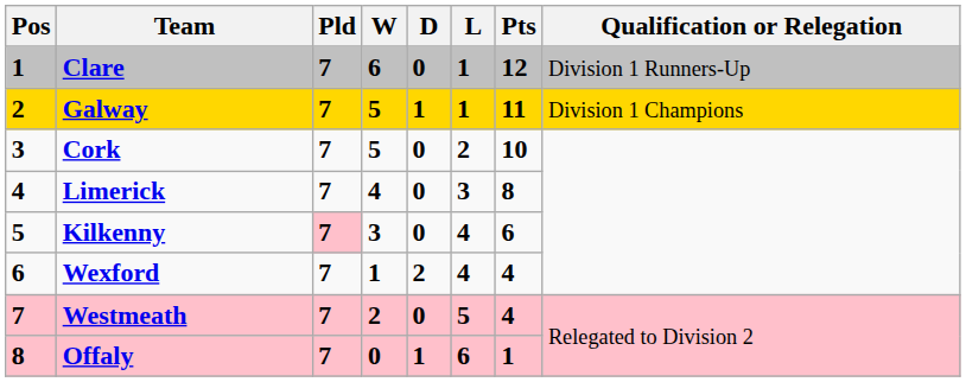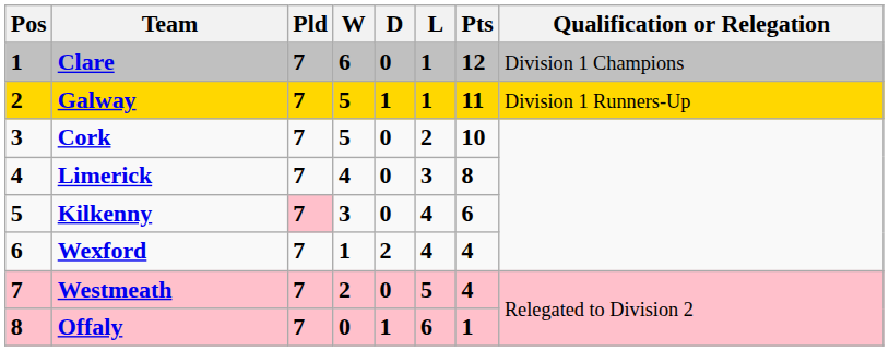 <table class="wikitable" style="text-align: centre;">
 <tr>
 <th width=20>Pos</th>
 <th width=150>Team</th>
 <th width=20>Pld</th>
 <th width=20>W</th>
 <th width=20>D</th>
 <th width=20>L</th>
 <th width=20>Pts</th>
 <th width=250>Qualification or Relegation</th>
 </tr>
 <tr style="background:silver;">
 <td><strong>1</strong></td>
 <td align=left><strong> <a href='#'>Clare</a> </strong></td>
 <td><strong>7</strong></td>
 <td><strong>6</strong></td>
 <td><strong>0</strong></td>
 <td><strong>1</strong></td>
 <td><strong>12</strong></td>
-<td><small> Division 1 Runners-Up</small></td>
+<td><small> Division 1 Champions</small></td>
 </tr>
 <tr style="background:gold;">
 <td><strong>2</strong></td>
 <td align=left><strong> <a href='#'>Galway</a></strong></td>
 <td><strong>7</strong></td>
 <td><strong>5</strong></td>
 <td><strong>1</strong></td>
 <td><strong>1</strong></td>
 <td><strong>11</strong></td>
-<td><small> Division 1 Champions</small></td>
+<td><small> Division 1 Runners-Up</small></td>
 </tr>
 <tr style>
 <td><strong>3</strong></td>
 <td align=left><strong> <a href='#'>Cork</a> </strong></td>
 <td><strong>7</strong></td>
 <td><strong>5</strong></td>
 <td><strong>0</strong></td>
 <td><strong>2</strong></td>
 <td><strong>10</strong></td>
 </tr>
 <tr style>
 <td><strong>4</strong></td>
 <td align=left><strong> <a href='#'>Limerick</a> </strong></td>
 <td><strong>7</strong></td>
 <td><strong>4</strong></td>
 <td><strong>0</strong></td>
 <td><strong>3</strong></td>
 <td><strong>8</strong></td>
 </tr>
 <tr style>
 <td><strong>5</strong></td>
 <td align=left><strong> <a href='#'>Kilkenny</a> </strong></td>
 <td style="background: pink;"><strong>7</strong></td>
 <td><strong>3</strong></td>
 <td><strong>0</strong></td>
 <td><strong>4</strong></td>
 <td><strong>6</strong></td>
 </tr>
 <tr>
 <td><strong>6</strong></td>
 <td align=left><strong> <a href='#'>Wexford</a> </strong></td>
 <td><strong>7</strong></td>
 <td><strong>1</strong></td>
 <td><strong>2</strong></td>
 <td><strong>4</strong></td>
 <td><strong>4</strong></td>
 </tr>
 <tr style="background:#FFC0CB;">
 <td><strong>7</strong></td>
 <td align=left><strong> <a href='#'>Westmeath</a></strong></td>
 <td><strong>7</strong></td>
 <td><strong>2</strong></td>
 <td><strong>0</strong></td>
 <td><strong>5</strong></td>
 <td><strong>4</strong></td>
 <td rowspan="2"><small> Relegated to Division 2</small></td>
 </tr>
 <tr style="background:#FFC0CB;">
 <td><strong>8</strong></td>
 <td align=left><strong> <a href='#'>Offaly</a></strong></td>
 <td><strong>7</strong></td>
 <td><strong>0</strong></td>
 <td><strong>1</strong></td>
 <td><strong>6</strong></td>
 <td><strong>1</strong></td>
 </tr>
 </table>
